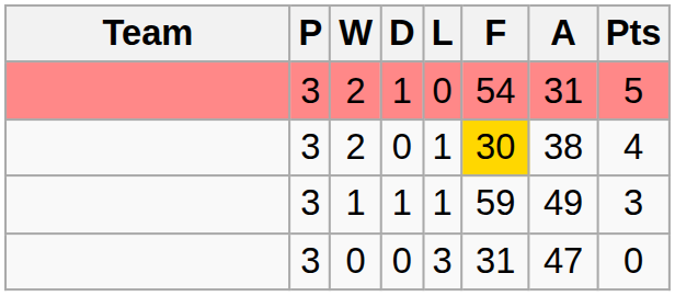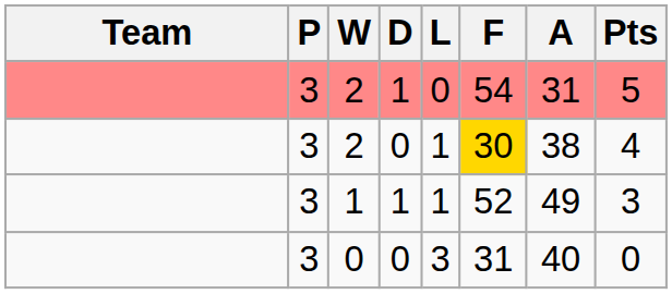 <table class="wikitable" style="text-align:center;">
 <tr>
 <th width="120px">Team</th>
 <th>P</th>
 <th>W</th>
 <th>D</th>
 <th>L</th>
 <th width="23px">F</th>
 <th width="23px">A</th>
 <th width="23px">Pts</th>
 </tr>
 <tr bgcolor="#FF8888">
 <td></td>
 <td>3</td>
 <td>2</td>
 <td>1</td>
 <td>0</td>
 <td>54</td>
 <td>31</td>
 <td>5</td>
 </tr>
 <tr>
 <td></td>
 <td>3</td>
 <td>2</td>
 <td>0</td>
 <td>1</td>
 <td style="background: gold;">30</td>
 <td>38</td>
 <td>4</td>
 </tr>
 <tr>
 <td></td>
 <td>3</td>
 <td>1</td>
 <td>1</td>
 <td>1</td>
-<td>59</td>
+<td>52</td>
 <td>49</td>
 <td>3</td>
 </tr>
 <tr>
 <td></td>
 <td>3</td>
 <td>0</td>
 <td>0</td>
 <td>3</td>
 <td>31</td>
-<td>47</td>
+<td>40</td>
 <td>0</td>
 </tr>
 </table>
